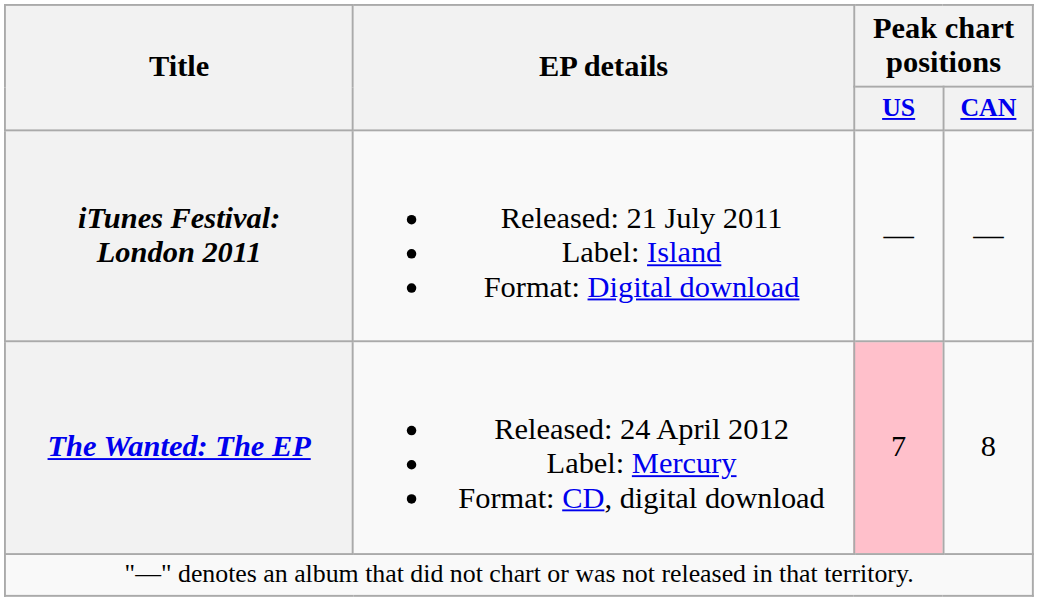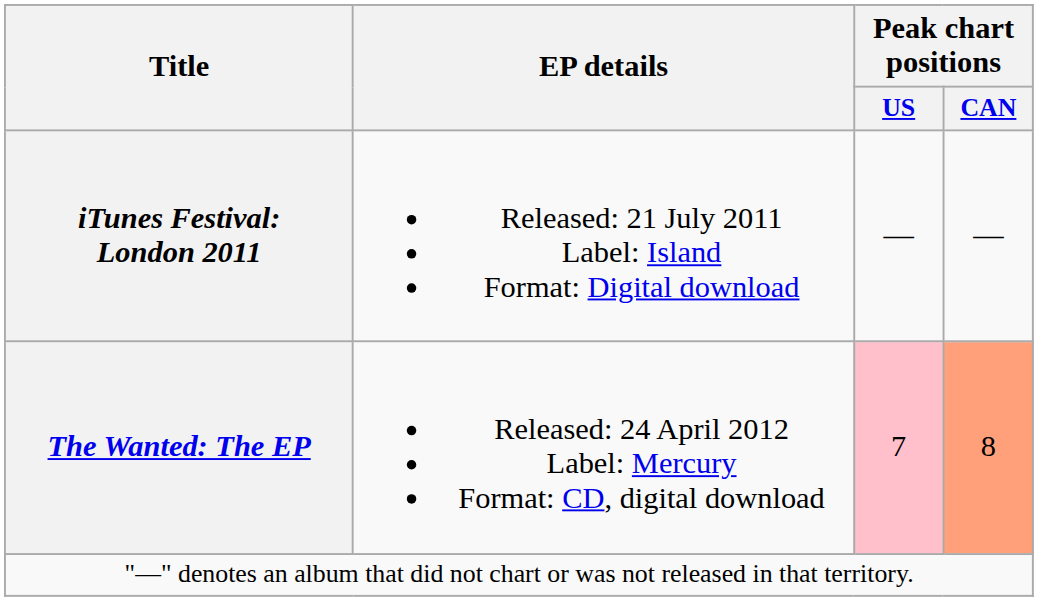 <table class="wikitable plainrowheaders" style="text-align:center;">
 <tr>
 <th scope="col" rowspan="2" style="width:11em;">Title</th>
 <th scope="col" rowspan="2" style="width:16em;">EP details</th>
 <th scope="col" colspan="2">Peak chart positions</th>
 </tr>
 <tr>
 <th scope="col" style="width:3em;font-size:85%;"><a href='#'>US</a><br></th>
 <th scope="col" style="width:3em;font-size:85%;"><a href='#'>CAN</a><br></th>
 </tr>
 <tr>
 <th scope="row"><em>iTunes Festival:<br>London 2011</em></th>
 <td><br><ul><li>Released: 21 July 2011</li><li>Label: <a href='#'>Island</a></li><li>Format: <a href='#'>Digital download</a></li></ul></td>
 <td>—</td>
 <td>—</td>
 </tr>
 <tr>
 <th scope="row"><em><a href='#'>The Wanted: The EP</a></em></th>
 <td><br><ul><li>Released: 24 April 2012</li><li>Label: <a href='#'>Mercury</a></li><li>Format: <a href='#'>CD</a>, digital download</li></ul></td>
 <td style="background: pink;">7</td>
-<td>8</td>
+<td style="background: lightsalmon;">8</td>
 </tr>
 <tr>
 <td colspan="14" style="font-size:85%">"—" denotes an album that did not chart or was not released in that territory.</td>
 </tr>
 </table>
